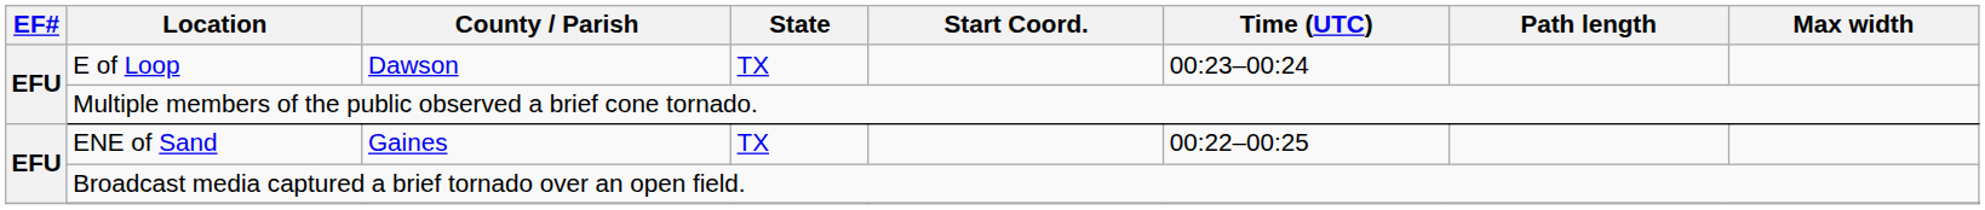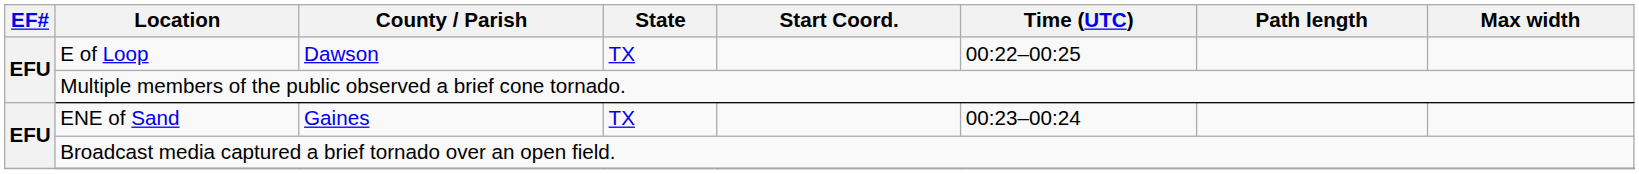 <table class="wikitable sortable" style="width:100%;">
 <tr>
 <th scope="col" width="2%" align="center"><a href='#'>EF#</a></th>
 <th scope="col" align="center" class="unsortable">Location</th>
 <th scope="col" align="center" class="unsortable">County / Parish</th>
 <th scope="col" align="center">State</th>
 <th scope="col" align="center">Start Coord.</th>
 <th scope="col" align="center">Time (<a href='#'>UTC</a>)</th>
 <th scope="col" align="center">Path length</th>
 <th scope="col" align="center">Max width</th>
 </tr>
 <tr>
 <th scope="row" rowspan="2" style="background-color:#">EFU</th>
 <td>E of <a href='#'>Loop</a></td>
 <td><a href='#'>Dawson</a></td>
 <td><a href='#'>TX</a></td>
 <td></td>
-<td>00:23–00:24</td>
+<td>00:22–00:25</td>
 <td></td>
 <td></td>
 </tr>
 <tr class="expand-child">
 <td colspan="8" style=" border-bottom: 1px solid black;">Multiple members of the public observed a brief cone tornado.</td>
 </tr>
 <tr>
 <th scope="row" rowspan="2" style="background-color:#">EFU</th>
 <td>ENE of <a href='#'>Sand</a></td>
 <td><a href='#'>Gaines</a></td>
 <td><a href='#'>TX</a></td>
 <td></td>
-<td>00:22–00:25</td>
+<td>00:23–00:24</td>
 <td></td>
 <td></td>
 </tr>
 <tr class="expand-child">
 <td colspan="8" style=" border-bottom: 1px solid black;">Broadcast media captured a brief tornado over an open field.</td>
 </tr>
 <tr>
 </tr>
 </table>
